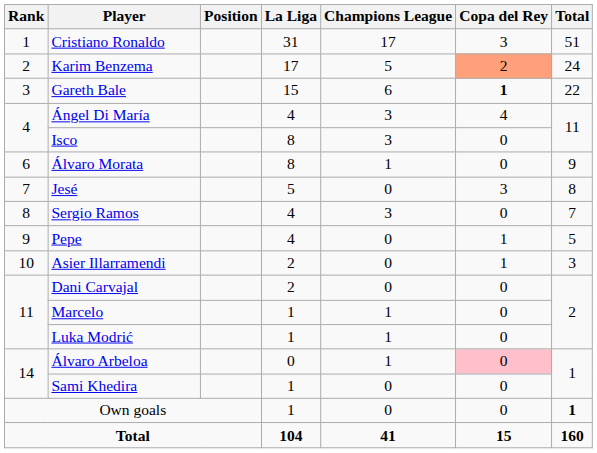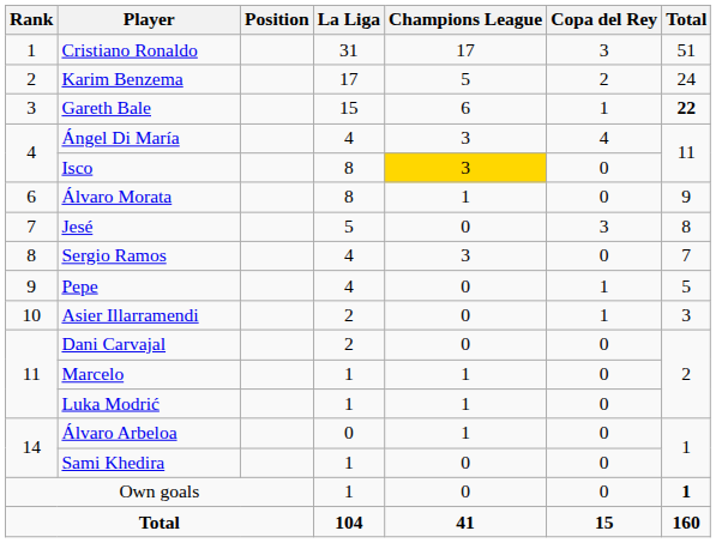 <table class="wikitable">
 <tr>
 <th>Rank</th>
 <th style="width:150px;">Player</th>
 <th>Position</th>
 <th>La Liga</th>
 <th>Champions League</th>
 <th>Copa del Rey</th>
 <th>Total</th>
 </tr>
 <tr>
 <td align=center>1</td>
 <td> <a href='#'>Cristiano Ronaldo</a></td>
 <td align=center></td>
 <td align=center>31</td>
 <td align=center>17</td>
 <td align=center>3</td>
 <td align=center>51</td>
 </tr>
 <tr>
 <td align=center>2</td>
 <td> <a href='#'>Karim Benzema</a></td>
 <td align=center></td>
 <td align=center>17</td>
 <td align=center>5</td>
-<td align=center style="background: lightsalmon;">2</td>
+<td align=center>2</td>
 <td align=center>24</td>
 </tr>
 <tr>
 <td align=center>3</td>
 <td> <a href='#'>Gareth Bale</a></td>
 <td align=center></td>
 <td align=center>15</td>
 <td align=center>6</td>
-<td align=center><strong>1</strong></td>
-<td align=center>22</td>
+<td align=center>1</td>
+<td align=center><strong>22</strong></td>
 </tr>
 <tr>
 <td style="text-align:center;" rowspan="2">4</td>
 <td> <a href='#'>Ángel Di María</a></td>
 <td align=center></td>
 <td align=center>4</td>
 <td align=center>3</td>
 <td align=center>4</td>
 <td style="text-align:center;" rowspan="2">11</td>
 </tr>
 <tr>
 <td> <a href='#'>Isco</a></td>
 <td align=center></td>
 <td align=center>8</td>
-<td align=center>3</td>
+<td align=center style="background: gold;">3</td>
 <td align=center>0</td>
 </tr>
 <tr>
 <td align=center>6</td>
 <td> <a href='#'>Álvaro Morata</a></td>
 <td align=center></td>
 <td align=center>8</td>
 <td align=center>1</td>
 <td align=center>0</td>
 <td align=center>9</td>
 </tr>
 <tr>
 <td align=center>7</td>
 <td> <a href='#'>Jesé</a></td>
 <td align=center></td>
 <td align=center>5</td>
 <td align=center>0</td>
 <td align=center>3</td>
 <td align=center>8</td>
 </tr>
 <tr>
 <td align=center>8</td>
 <td> <a href='#'>Sergio Ramos</a></td>
 <td align=center></td>
 <td align=center>4</td>
 <td align=center>3</td>
 <td align=center>0</td>
 <td align=center>7</td>
 </tr>
 <tr>
 <td align=center>9</td>
 <td> <a href='#'>Pepe</a></td>
 <td align=center></td>
 <td align=center>4</td>
 <td align=center>0</td>
 <td align=center>1</td>
 <td align=center>5</td>
 </tr>
 <tr>
 <td align=center>10</td>
 <td> <a href='#'>Asier Illarramendi</a></td>
 <td align=center></td>
 <td align=center>2</td>
 <td align=center>0</td>
 <td align=center>1</td>
 <td align=center>3</td>
 </tr>
 <tr>
 <td style="text-align:center;" rowspan="3">11</td>
 <td> <a href='#'>Dani Carvajal</a></td>
 <td align=center></td>
 <td align=center>2</td>
 <td align=center>0</td>
 <td align=center>0</td>
 <td style="text-align:center;" rowspan="3">2</td>
 </tr>
 <tr>
 <td> <a href='#'>Marcelo</a></td>
 <td align=center></td>
 <td align=center>1</td>
 <td align=center>1</td>
 <td align=center>0</td>
 </tr>
 <tr>
 <td> <a href='#'>Luka Modrić</a></td>
 <td align=center></td>
 <td align=center>1</td>
 <td align=center>1</td>
 <td align=center>0</td>
 </tr>
 <tr>
 <td style="text-align:center;" rowspan="2">14</td>
 <td> <a href='#'>Álvaro Arbeloa</a></td>
 <td align=center></td>
 <td align=center>0</td>
 <td align=center>1</td>
-<td align=center style="background: pink;">0</td>
+<td align=center>0</td>
 <td style="text-align:center;" rowspan="2">1</td>
 </tr>
 <tr>
 <td> <a href='#'>Sami Khedira</a></td>
 <td align=center></td>
 <td align=center>1</td>
 <td align=center>0</td>
 <td align=center>0</td>
 </tr>
 <tr>
 <td align=center colspan=3>Own goals</td>
 <td align=center>1</td>
 <td align=center>0</td>
 <td align=center>0</td>
 <td align=center><strong>1</strong></td>
 </tr>
 <tr>
 <td style="text-align:center;" colspan="3"><strong>Total</strong></td>
 <td align=center><strong>104</strong></td>
 <td align=center><strong>41</strong></td>
 <td align=center><strong>15</strong></td>
 <td align=center><strong>160</strong></td>
 </tr>
 </table>
